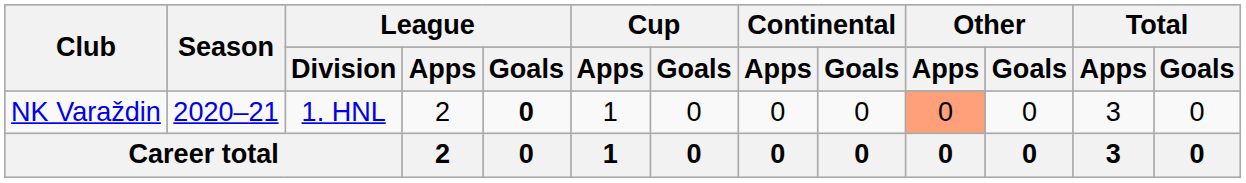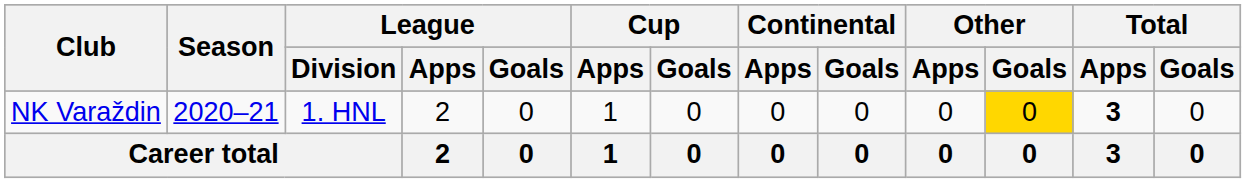 <table class="wikitable" style="text-align: center">
 <tr>
 <th rowspan="2">Club</th>
 <th rowspan="2">Season</th>
 <th colspan="3">League</th>
 <th colspan="2">Cup</th>
 <th colspan="2">Continental</th>
 <th colspan="2">Other</th>
 <th colspan="2">Total</th>
 </tr>
 <tr>
 <th>Division</th>
 <th>Apps</th>
 <th>Goals</th>
 <th>Apps</th>
 <th>Goals</th>
 <th>Apps</th>
 <th>Goals</th>
 <th>Apps</th>
 <th>Goals</th>
 <th>Apps</th>
 <th>Goals</th>
 </tr>
 <tr>
 <td><a href='#'>NK Varaždin</a></td>
 <td><a href='#'>2020–21</a></td>
 <td><a href='#'>1. HNL</a></td>
 <td>2</td>
-<td><strong>0</strong></td>
+<td>0</td>
 <td>1</td>
 <td>0</td>
 <td>0</td>
 <td>0</td>
-<td style="background: lightsalmon;">0</td>
 <td>0</td>
-<td>3</td>
+<td style="background: gold;">0</td>
+<td><strong>3</strong></td>
 <td>0</td>
 </tr>
 <tr>
 <th colspan=3>Career total</th>
 <th>2</th>
 <th>0</th>
 <th>1</th>
 <th>0</th>
 <th>0</th>
 <th>0</th>
 <th>0</th>
 <th>0</th>
 <th>3</th>
 <th>0</th>
 </tr>
 </table>
